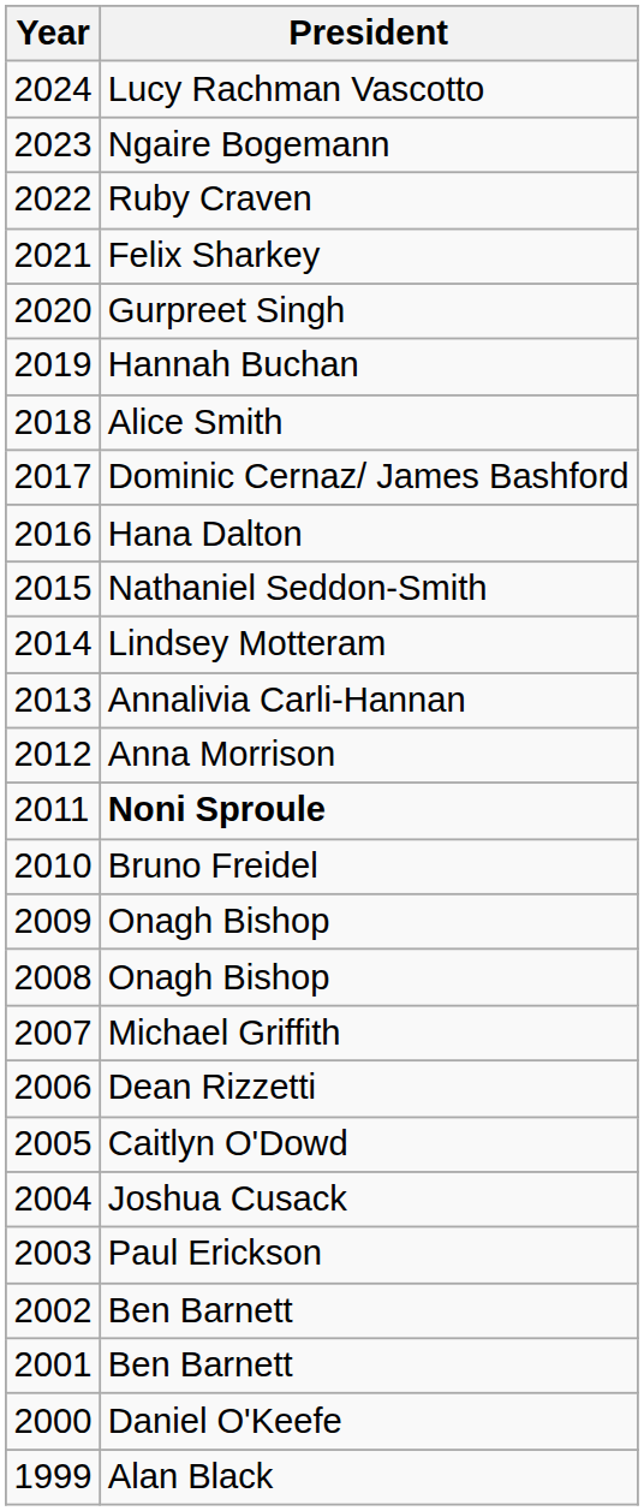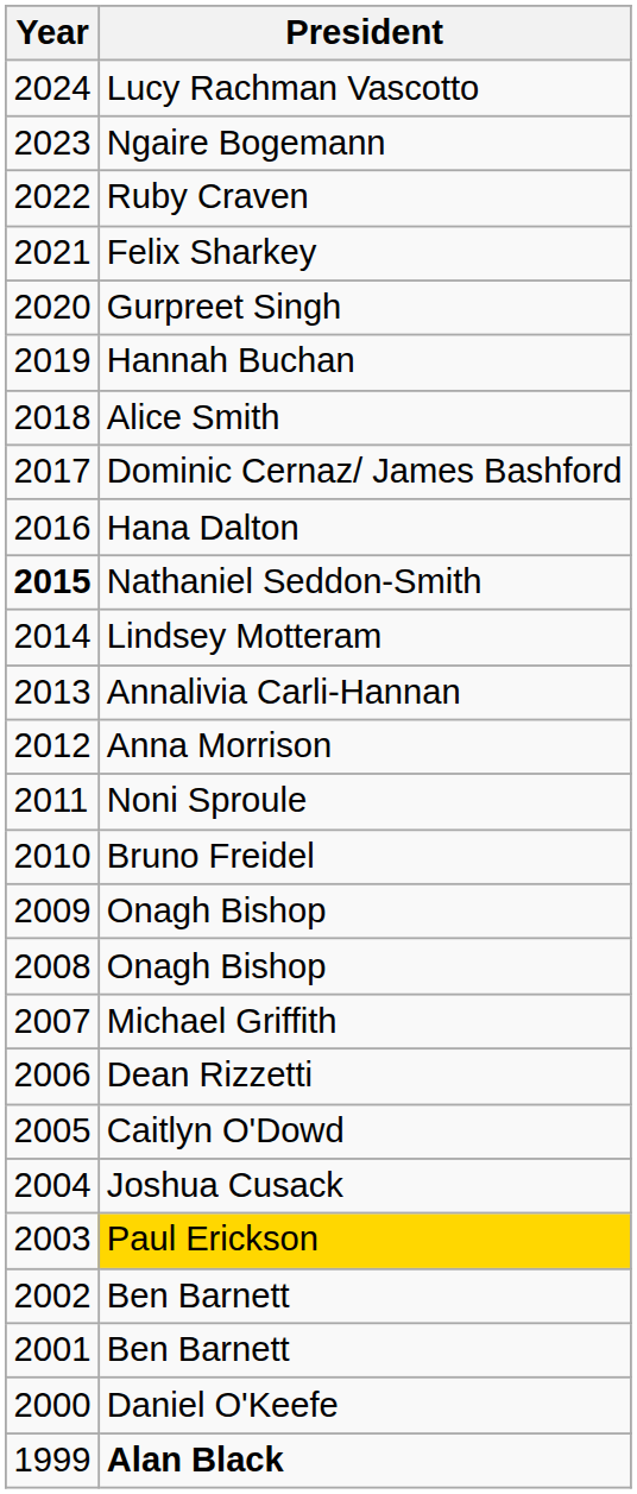 <table class="wikitable">
 <tr>
 <th>Year</th>
 <th>President</th>
 </tr>
 <tr>
 <td>2024</td>
 <td>Lucy Rachman Vascotto</td>
 </tr>
 <tr>
 <td>2023</td>
 <td>Ngaire Bogemann</td>
 </tr>
 <tr>
 <td>2022</td>
 <td>Ruby Craven</td>
 </tr>
 <tr>
 <td>2021</td>
 <td>Felix Sharkey</td>
 </tr>
 <tr>
 <td>2020</td>
 <td>Gurpreet Singh</td>
 </tr>
 <tr>
 <td>2019</td>
 <td>Hannah Buchan</td>
 </tr>
 <tr>
 <td>2018</td>
 <td>Alice Smith</td>
 </tr>
 <tr>
 <td>2017</td>
 <td>Dominic Cernaz/ James Bashford</td>
 </tr>
 <tr>
 <td>2016</td>
 <td>Hana Dalton</td>
 </tr>
 <tr>
-<td>2015</td>
+<td><strong>2015</strong></td>
 <td>Nathaniel Seddon-Smith</td>
 </tr>
 <tr>
 <td>2014</td>
 <td>Lindsey Motteram</td>
 </tr>
 <tr>
 <td>2013</td>
 <td>Annalivia Carli-Hannan</td>
 </tr>
 <tr>
 <td>2012</td>
 <td>Anna Morrison</td>
 </tr>
 <tr>
 <td>2011</td>
-<td><strong>Noni Sproule</strong></td>
+<td>Noni Sproule</td>
 </tr>
 <tr>
 <td>2010</td>
 <td>Bruno Freidel</td>
 </tr>
 <tr>
 <td>2009</td>
 <td>Onagh Bishop</td>
 </tr>
 <tr>
 <td>2008</td>
 <td>Onagh Bishop</td>
 </tr>
 <tr>
 <td>2007</td>
 <td>Michael Griffith</td>
 </tr>
 <tr>
 <td>2006</td>
 <td>Dean Rizzetti</td>
 </tr>
 <tr>
 <td>2005</td>
 <td>Caitlyn O'Dowd</td>
 </tr>
 <tr>
 <td>2004</td>
 <td>Joshua Cusack</td>
 </tr>
 <tr>
 <td>2003</td>
-<td>Paul Erickson</td>
+<td style="background: gold;">Paul Erickson</td>
 </tr>
 <tr>
 <td>2002</td>
 <td>Ben Barnett</td>
 </tr>
 <tr>
 <td>2001</td>
 <td>Ben Barnett</td>
 </tr>
 <tr>
 <td>2000</td>
 <td>Daniel O'Keefe</td>
 </tr>
 <tr>
 <td>1999</td>
-<td>Alan Black</td>
+<td><strong>Alan Black</strong></td>
 </tr>
 </table>
